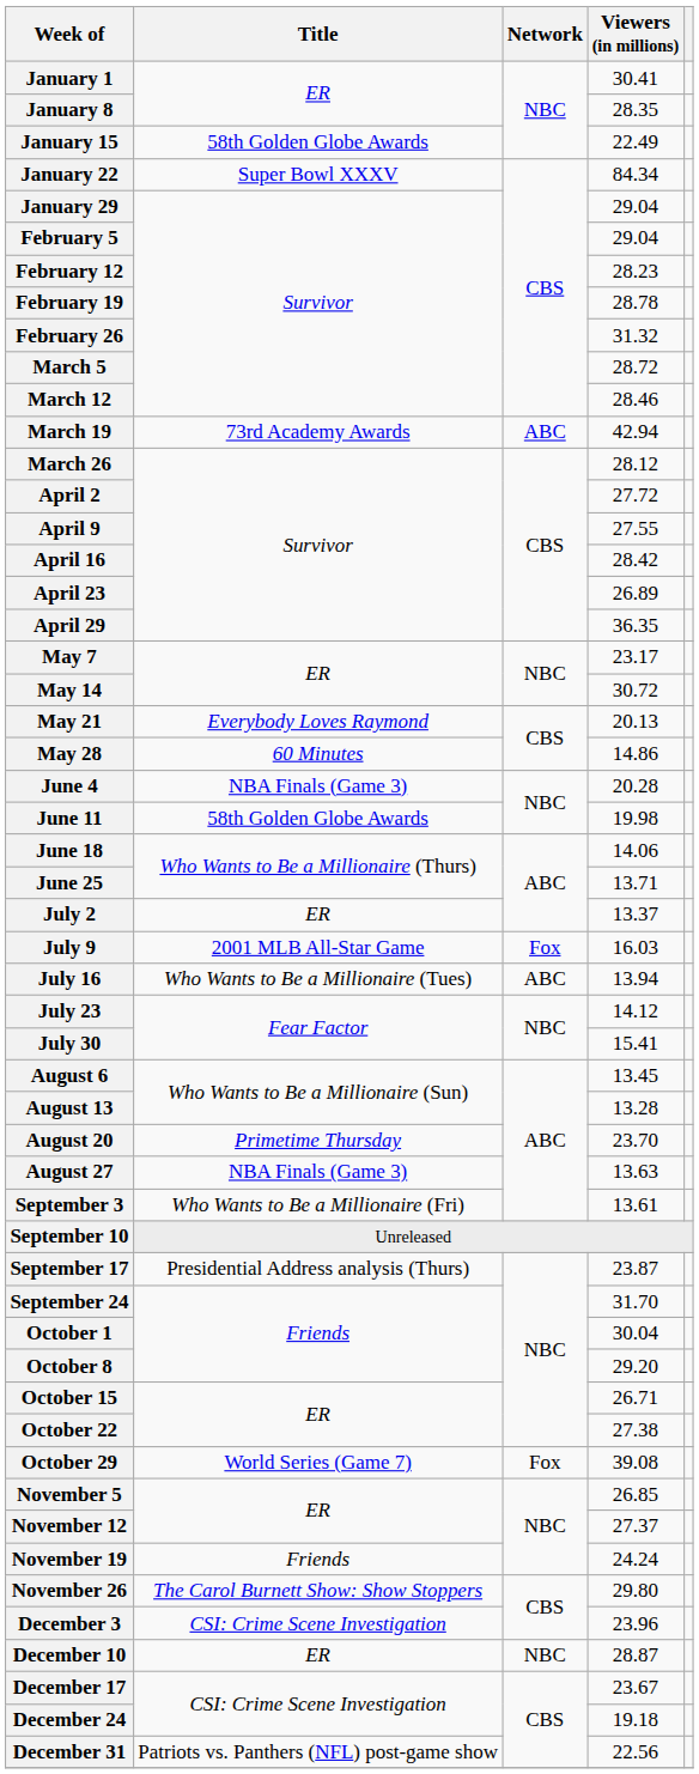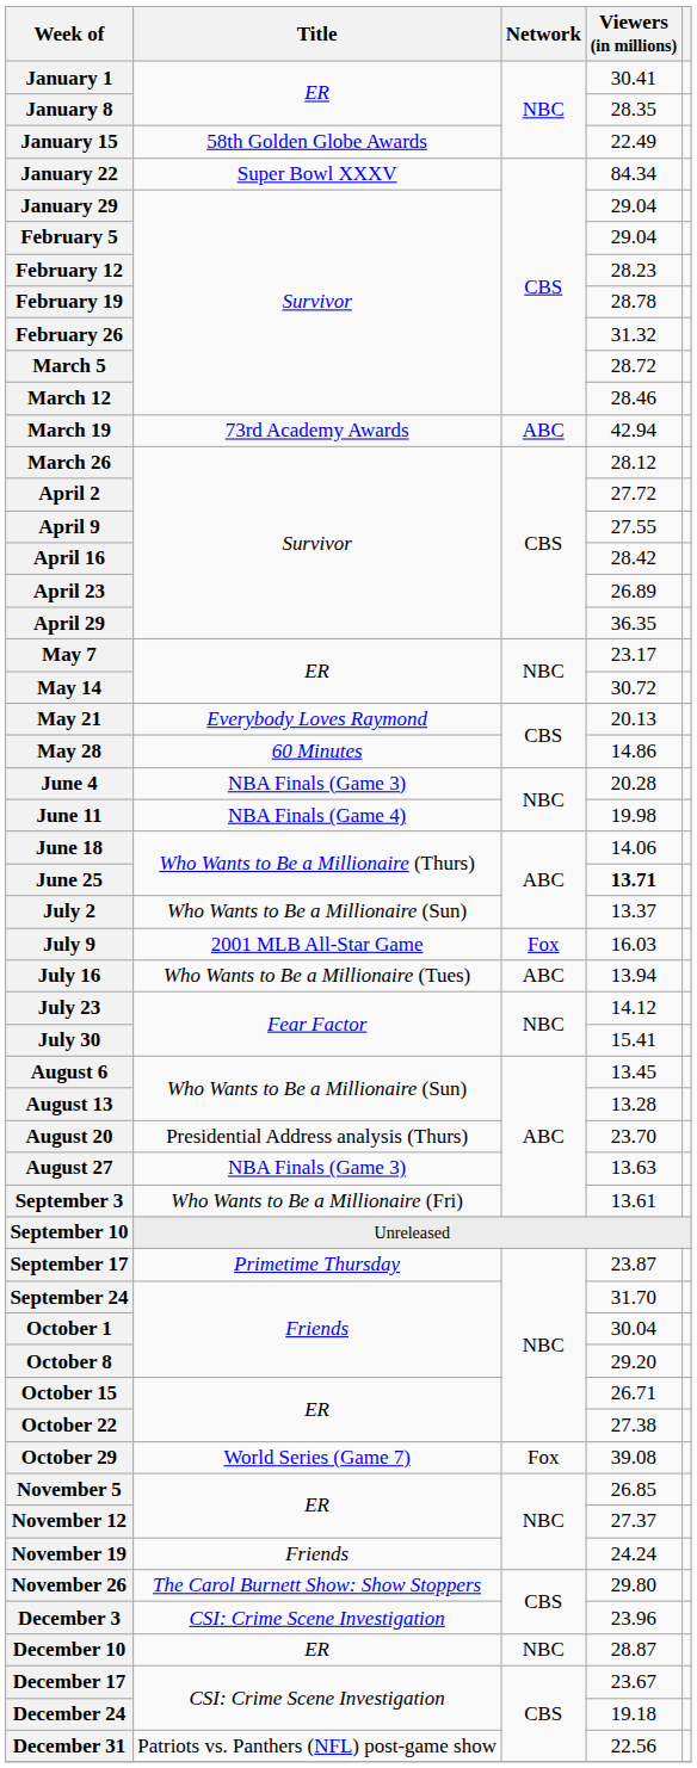 <table class="wikitable plainrowheaders" style="text-align: center; display: inline-table;">
 <tr>
 <th>Week of</th>
 <th>Title</th>
 <th>Network</th>
 <th>Viewers<br><small>(in millions)</small></th>
 <th></th>
 </tr>
 <tr>
 <th scope="row">January 1</th>
 <td rowspan="2"><em><a href='#'>ER</a></em></td>
 <td rowspan="3"><a href='#'>NBC</a></td>
 <td>30.41</td>
 <td></td>
 </tr>
 <tr>
 <th scope="row">January 8</th>
 <td>28.35</td>
 <td></td>
 </tr>
 <tr>
 <th scope="row">January 15</th>
 <td><a href='#'>58th Golden Globe Awards</a></td>
 <td>22.49</td>
 <td></td>
 </tr>
 <tr>
 <th scope="row">January 22</th>
 <td><a href='#'>Super Bowl XXXV</a></td>
 <td rowspan="8"><a href='#'>CBS</a></td>
 <td>84.34</td>
 <td></td>
 </tr>
 <tr>
 <th scope="row">January 29</th>
 <td rowspan="7"><em><a href='#'>Survivor</a></em></td>
 <td>29.04</td>
 <td></td>
 </tr>
 <tr>
 <th scope="row">February 5</th>
 <td>29.04</td>
 <td></td>
 </tr>
 <tr>
 <th scope="row">February 12</th>
 <td>28.23</td>
 <td></td>
 </tr>
 <tr>
 <th scope="row">February 19</th>
 <td>28.78</td>
 <td></td>
 </tr>
 <tr>
 <th scope="row">February 26</th>
 <td>31.32</td>
 <td></td>
 </tr>
 <tr>
 <th scope="row">March 5</th>
 <td>28.72</td>
 <td></td>
 </tr>
 <tr>
 <th scope="row">March 12</th>
 <td>28.46</td>
 <td></td>
 </tr>
 <tr>
 <th scope="row">March 19</th>
 <td><a href='#'>73rd Academy Awards</a></td>
 <td><a href='#'>ABC</a></td>
 <td>42.94</td>
 <td></td>
 </tr>
 <tr>
 <th scope="row">March 26</th>
 <td rowspan="6"><em>Survivor</em></td>
 <td rowspan="6">CBS</td>
 <td>28.12</td>
 <td></td>
 </tr>
 <tr>
 <th scope="row">April 2</th>
 <td>27.72</td>
 <td></td>
 </tr>
 <tr>
 <th scope="row">April 9</th>
 <td>27.55</td>
 <td></td>
 </tr>
 <tr>
 <th scope="row">April 16</th>
 <td>28.42</td>
 <td></td>
 </tr>
 <tr>
 <th scope="row">April 23</th>
 <td>26.89</td>
 <td></td>
 </tr>
 <tr>
 <th scope="row">April 29</th>
 <td>36.35</td>
 <td></td>
 </tr>
 <tr>
 <th scope="row">May 7</th>
 <td rowspan="2"><em>ER</em></td>
 <td rowspan="2">NBC</td>
 <td>23.17</td>
 <td></td>
 </tr>
 <tr>
 <th scope="row">May 14</th>
 <td>30.72</td>
 <td></td>
 </tr>
 <tr>
 <th scope="row">May 21</th>
 <td><em><a href='#'>Everybody Loves Raymond</a></em></td>
 <td rowspan="2">CBS</td>
 <td>20.13</td>
 <td></td>
 </tr>
 <tr>
 <th scope="row">May 28</th>
 <td><em><a href='#'>60 Minutes</a></em></td>
 <td>14.86</td>
 <td></td>
 </tr>
 <tr>
 <th scope="row">June 4</th>
 <td><a href='#'>NBA Finals (Game 3)</a></td>
 <td rowspan="2">NBC</td>
 <td>20.28</td>
 <td></td>
 </tr>
 <tr>
 <th scope="row">June 11</th>
-<td><a href='#'>58th Golden Globe Awards</a></td>
+<td><a href='#'>NBA Finals (Game 4)</a></td>
 <td>19.98</td>
 <td></td>
 </tr>
 <tr>
 <th scope="row">June 18</th>
 <td rowspan="2"><em><a href='#'>Who Wants to Be a Millionaire</a></em> (Thurs)</td>
 <td rowspan="3">ABC</td>
 <td>14.06</td>
 <td></td>
 </tr>
 <tr>
 <th scope="row">June 25</th>
-<td>13.71</td>
+<td><strong>13.71</strong></td>
 <td></td>
 </tr>
 <tr>
 <th scope="row">July 2</th>
-<td><em>ER</em></td>
+<td><em>Who Wants to Be a Millionaire</em> (Sun)</td>
 <td>13.37</td>
 <td></td>
 </tr>
 <tr>
 <th scope="row">July 9</th>
 <td><a href='#'>2001 MLB All-Star Game</a></td>
 <td><a href='#'>Fox</a></td>
 <td>16.03</td>
 <td></td>
 </tr>
 <tr>
 <th scope="row">July 16</th>
 <td><em>Who Wants to Be a Millionaire</em> (Tues)</td>
 <td>ABC</td>
 <td>13.94</td>
 <td></td>
 </tr>
 <tr>
 <th scope="row">July 23</th>
 <td rowspan="2"><em><a href='#'>Fear Factor</a></em></td>
 <td rowspan="2">NBC</td>
 <td>14.12</td>
 <td></td>
 </tr>
 <tr>
 <th scope="row">July 30</th>
 <td>15.41</td>
 <td></td>
 </tr>
 <tr>
 <th scope="row">August 6</th>
 <td rowspan="2"><em>Who Wants to Be a Millionaire</em> (Sun)</td>
 <td rowspan="5">ABC</td>
 <td>13.45</td>
 <td></td>
 </tr>
 <tr>
 <th scope="row">August 13</th>
 <td>13.28</td>
 <td></td>
 </tr>
 <tr>
 <th scope="row">August 20</th>
-<td><em><a href='#'>Primetime Thursday</a></em></td>
+<td>Presidential Address analysis (Thurs)</td>
 <td>23.70</td>
 <td></td>
 </tr>
 <tr>
 <th scope="row">August 27</th>
 <td><a href='#'>NBA Finals (Game 3)</a></td>
 <td>13.63</td>
 <td></td>
 </tr>
 <tr>
 <th scope="row">September 3</th>
 <td><em>Who Wants to Be a Millionaire</em> (Fri)</td>
 <td>13.61</td>
 <td></td>
 </tr>
 <tr>
 <th scope="row">September 10</th>
 <td colspan="4" style="background:#ECECEC;"><small>Unreleased</small></td>
 </tr>
 <tr>
 <th scope="row">September 17</th>
-<td>Presidential Address analysis (Thurs)</td>
+<td><em><a href='#'>Primetime Thursday</a></em></td>
 <td rowspan="6">NBC</td>
 <td>23.87</td>
 <td></td>
 </tr>
 <tr>
 <th scope="row">September 24</th>
 <td rowspan="3"><em><a href='#'>Friends</a></em></td>
 <td>31.70</td>
 <td></td>
 </tr>
 <tr>
 <th scope="row">October 1</th>
 <td>30.04</td>
 <td></td>
 </tr>
 <tr>
 <th scope="row">October 8</th>
 <td>29.20</td>
 <td></td>
 </tr>
 <tr>
 <th scope="row">October 15</th>
 <td rowspan="2"><em>ER</em></td>
 <td>26.71</td>
 <td></td>
 </tr>
 <tr>
 <th scope="row">October 22</th>
 <td>27.38</td>
 <td></td>
 </tr>
 <tr>
 <th scope="row">October 29</th>
 <td><a href='#'>World Series (Game 7)</a></td>
 <td>Fox</td>
 <td>39.08</td>
 <td></td>
 </tr>
 <tr>
 <th scope="row">November 5</th>
 <td rowspan="2"><em>ER</em></td>
 <td rowspan="3">NBC</td>
 <td>26.85</td>
 <td></td>
 </tr>
 <tr>
 <th scope="row">November 12</th>
 <td>27.37</td>
 <td></td>
 </tr>
 <tr>
 <th scope="row">November 19</th>
 <td><em>Friends</em></td>
 <td>24.24</td>
 <td></td>
 </tr>
 <tr>
 <th scope="row">November 26</th>
 <td><em><a href='#'>The Carol Burnett Show: Show Stoppers</a></em></td>
 <td rowspan="2">CBS</td>
 <td>29.80</td>
 <td></td>
 </tr>
 <tr>
 <th scope="row">December 3</th>
 <td><em><a href='#'>CSI: Crime Scene Investigation</a></em></td>
 <td>23.96</td>
 <td></td>
 </tr>
 <tr>
 <th scope="row">December 10</th>
 <td><em>ER</em></td>
 <td>NBC</td>
 <td>28.87</td>
 <td></td>
 </tr>
 <tr>
 <th scope="row">December 17</th>
 <td rowspan="2"><em>CSI: Crime Scene Investigation</em></td>
 <td rowspan="3">CBS</td>
 <td>23.67</td>
 <td></td>
 </tr>
 <tr>
 <th scope="row">December 24</th>
 <td>19.18</td>
 <td></td>
 </tr>
 <tr>
 <th scope="row">December 31</th>
 <td>Patriots vs. Panthers (<a href='#'>NFL</a>) post-game show</td>
 <td>22.56</td>
 <td></td>
 </tr>
 <tr>
 </tr>
 </table>
